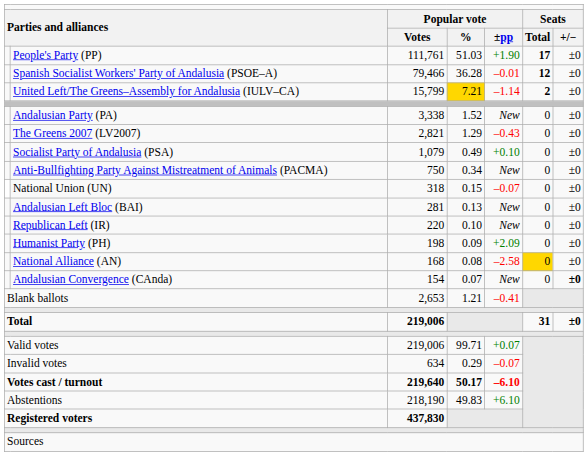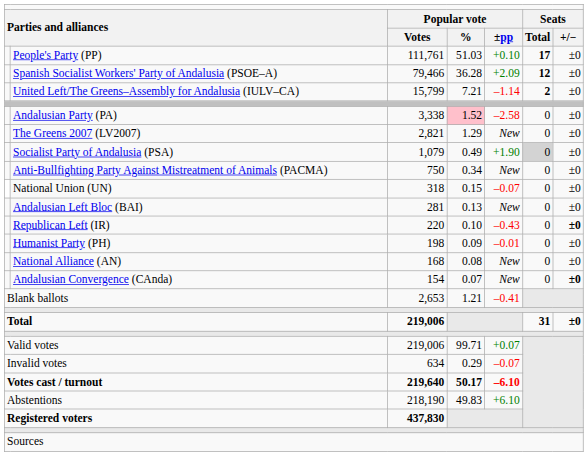 <table class="wikitable" style="text-align:right;">
 <tr>
 <td colspan="7"></td>
 </tr>
 <tr>
 <th style="text-align:left;" rowspan="2" colspan="2" width="525">Parties and alliances</th>
 <th colspan="3">Popular vote</th>
 <th colspan="2">Seats</th>
 </tr>
 <tr>
 <th width="75">Votes</th>
 <th width="45">%</th>
 <th width="45">±<a href='#'>pp</a></th>
 <th width="35">Total</th>
 <th width="35">+/−</th>
 </tr>
 <tr>
 <td width="1" style="color:inherit;background:"></td>
 <td align="left"><a href='#'>People's Party</a> (PP)</td>
 <td>111,761</td>
 <td>51.03</td>
-<td style="color:green;">+1.90</td>
+<td style="color:green;">+0.10</td>
 <td><strong>17</strong></td>
 <td>±0</td>
 </tr>
 <tr>
 <td style="color:inherit;background:"></td>
 <td align="left"><a href='#'>Spanish Socialist Workers' Party of Andalusia</a> (PSOE–A)</td>
 <td>79,466</td>
 <td>36.28</td>
-<td style="color:red;">–0.01</td>
+<td style="color:green;">+2.09</td>
 <td><strong>12</strong></td>
 <td>±0</td>
 </tr>
 <tr>
 <td style="color:inherit;background:"></td>
 <td align="left"><a href='#'>United Left/The Greens–Assembly for Andalusia</a> (IULV–CA)</td>
 <td>15,799</td>
-<td style="background: gold;">7.21</td>
+<td>7.21</td>
 <td style="color:red;">–1.14</td>
 <td><strong>2</strong></td>
 <td>±0</td>
 </tr>
 <tr>
 <td colspan="7" bgcolor="#C0C0C0"></td>
 </tr>
 <tr>
 <td style="color:inherit;background:"></td>
 <td align="left"><a href='#'>Andalusian Party</a> (PA)</td>
 <td>3,338</td>
-<td>1.52</td>
-<td><em>New</em></td>
+<td style="background: pink;">1.52</td>
+<td style="color:red;">–2.58</td>
 <td>0</td>
 <td>±0</td>
 </tr>
 <tr>
 <td style="color:inherit;background:"></td>
 <td align="left"><a href='#'>The Greens 2007</a> (LV2007)</td>
 <td>2,821</td>
 <td>1.29</td>
-<td style="color:red;">–0.43</td>
+<td><em>New</em></td>
 <td>0</td>
 <td>±0</td>
 </tr>
 <tr>
 <td style="color:inherit;background:"></td>
 <td align="left"><a href='#'>Socialist Party of Andalusia</a> (PSA)</td>
 <td>1,079</td>
 <td>0.49</td>
-<td style="color:green;">+0.10</td>
-<td>0</td>
+<td style="color:green;">+1.90</td>
+<td style="background: lightgrey;">0</td>
 <td>±0</td>
 </tr>
 <tr>
 <td style="color:inherit;background:"></td>
 <td align="left"><a href='#'>Anti-Bullfighting Party Against Mistreatment of Animals</a> (PACMA)</td>
 <td>750</td>
 <td>0.34</td>
 <td><em>New</em></td>
 <td>0</td>
 <td>±0</td>
 </tr>
 <tr>
 <td bgcolor="white"></td>
 <td align="left">National Union (UN)</td>
 <td>318</td>
 <td>0.15</td>
 <td style="color:red;">–0.07</td>
 <td>0</td>
 <td>±0</td>
 </tr>
 <tr>
 <td style="color:inherit;background:"></td>
 <td align="left"><a href='#'>Andalusian Left Bloc</a> (BAI)</td>
 <td>281</td>
 <td>0.13</td>
 <td><em>New</em></td>
 <td>0</td>
 <td>±0</td>
 </tr>
 <tr>
 <td style="color:inherit;background:"></td>
 <td align="left"><a href='#'>Republican Left</a> (IR)</td>
 <td>220</td>
 <td>0.10</td>
-<td><em>New</em></td>
+<td style="color:red;">–0.43</td>
 <td>0</td>
-<td>±0</td>
+<td><strong>±0</strong></td>
 </tr>
 <tr>
 <td style="color:inherit;background:"></td>
 <td align="left"><a href='#'>Humanist Party</a> (PH)</td>
 <td>198</td>
 <td>0.09</td>
-<td style="color:green;">+2.09</td>
+<td style="color:red;">–0.01</td>
 <td>0</td>
 <td>±0</td>
 </tr>
 <tr>
 <td style="color:inherit;background:"></td>
 <td align="left"><a href='#'>National Alliance</a> (AN)</td>
 <td>168</td>
 <td>0.08</td>
-<td style="color:red;">–2.58</td>
-<td style="background: gold;">0</td>
+<td><em>New</em></td>
+<td>0</td>
 <td>±0</td>
 </tr>
 <tr>
 <td style="color:inherit;background:"></td>
 <td align="left"><a href='#'>Andalusian Convergence</a> (CAnda)</td>
 <td>154</td>
 <td>0.07</td>
 <td><em>New</em></td>
 <td>0</td>
 <td><strong>±0</strong></td>
 </tr>
 <tr>
 <td align="left" colspan="2">Blank ballots</td>
 <td>2,653</td>
 <td>1.21</td>
 <td style="color:red;">–0.41</td>
 <td bgcolor="#E9E9E9" colspan="2"></td>
 </tr>
 <tr>
 <td colspan="7" bgcolor="#E9E9E9"></td>
 </tr>
 <tr style="font-weight:bold;">
 <td align="left" colspan="2">Total</td>
 <td>219,006</td>
 <td bgcolor="#E9E9E9" colspan="2"></td>
 <td>31</td>
 <td>±0</td>
 </tr>
 <tr>
 <td colspan="7" bgcolor="#E9E9E9"></td>
 </tr>
 <tr>
 <td align="left" colspan="2">Valid votes</td>
 <td>219,006</td>
 <td>99.71</td>
 <td style="color:green;">+0.07</td>
 <td bgcolor="#E9E9E9" colspan="2" rowspan="5"></td>
 </tr>
 <tr>
 <td align="left" colspan="2">Invalid votes</td>
 <td>634</td>
 <td>0.29</td>
 <td style="color:red;">–0.07</td>
 </tr>
 <tr style="font-weight:bold;">
 <td align="left" colspan="2">Votes cast / turnout</td>
 <td>219,640</td>
 <td>50.17</td>
 <td style="color:red;">–6.10</td>
 </tr>
 <tr>
 <td align="left" colspan="2">Abstentions</td>
 <td>218,190</td>
 <td>49.83</td>
 <td style="color:green;">+6.10</td>
 </tr>
 <tr style="font-weight:bold;">
 <td align="left" colspan="2">Registered voters</td>
 <td>437,830</td>
 <td bgcolor="#E9E9E9" colspan="2"></td>
 </tr>
 <tr>
 <td colspan="7" bgcolor="#E9E9E9"></td>
 </tr>
 <tr>
 <td align="left" colspan="7">Sources</td>
 </tr>
 </table>
